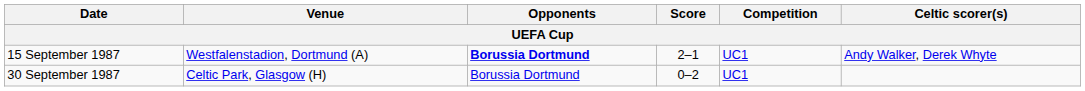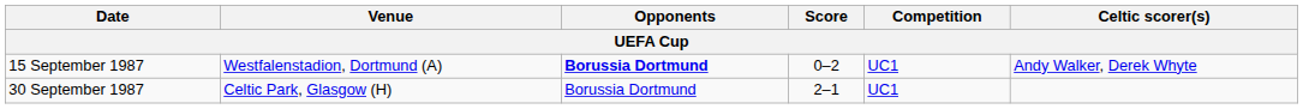 <table class="wikitable" width=85%>
 <tr>
 <th>Date</th>
 <th>Venue</th>
 <th>Opponents</th>
 <th>Score</th>
 <th>Competition</th>
 <th>Celtic scorer(s)</th>
 </tr>
 <tr>
 <th colspan=7>UEFA Cup</th>
 </tr>
 <tr>
 <td>15 September 1987</td>
 <td><a href='#'>Westfalenstadion</a>, <a href='#'>Dortmund</a> (A)</td>
 <td><strong><a href='#'>Borussia Dortmund</a></strong></td>
-<td align=center>2–1</td>
+<td align=center>0–2</td>
 <td><a href='#'>UC1</a></td>
 <td><a href='#'>Andy Walker</a>, <a href='#'>Derek Whyte</a></td>
 </tr>
 <tr>
 <td>30 September 1987</td>
 <td><a href='#'>Celtic Park</a>, <a href='#'>Glasgow</a> (H)</td>
 <td><a href='#'>Borussia Dortmund</a></td>
-<td align=center>0–2</td>
+<td align=center>2–1</td>
 <td><a href='#'>UC1</a></td>
 <td></td>
 </tr>
 </table>
